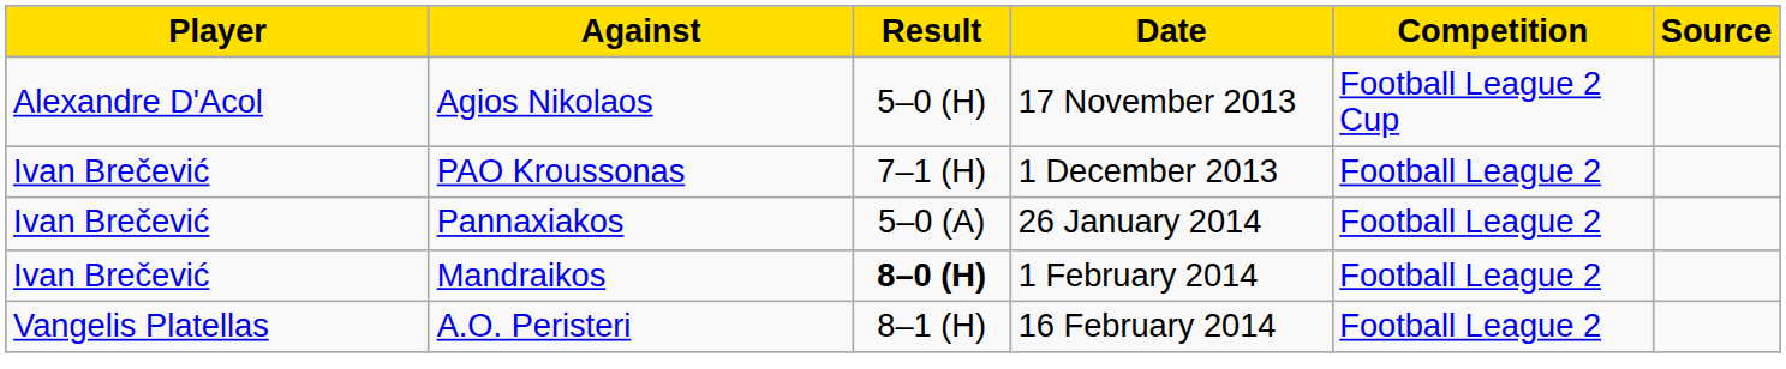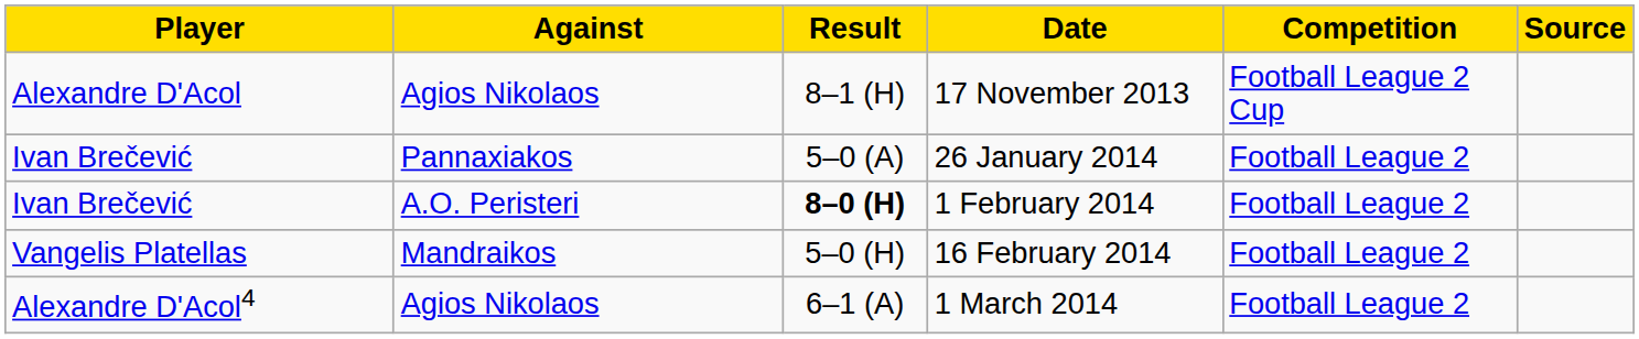 <table class="wikitable">
 <tr>
 <th width=200 style="background:#FFDE00">Player</th>
 <th width=200 style="background:#FFDE00">Against</th>
 <th width=70 style="background:#FFDE00">Result</th>
 <th width=150 style="background:#FFDE00">Date</th>
 <th width=150 style="background:#FFDE00">Competition</th>
 <th style="background:#FFDE00">Source</th>
 </tr>
 <tr>
 <td> <a href='#'>Alexandre D'Acol</a></td>
 <td> <a href='#'>Agios Nikolaos</a></td>
-<td align=center>5–0 (H)</td>
+<td align=center>8–1 (Η)</td>
 <td>17 November 2013</td>
 <td><a href='#'>Football League 2 Cup</a></td>
-<td align=center></td>
-</tr>
-<tr>
-<td> <a href='#'>Ivan Brečević</a></td>
-<td> <a href='#'>PAO Kroussonas</a></td>
-<td align=center>7–1 (H)</td>
-<td>1 December 2013</td>
-<td><a href='#'>Football League 2</a></td>
 <td align=center></td>
 </tr>
 <tr>
 <td> <a href='#'>Ivan Brečević</a></td>
 <td> <a href='#'>Pannaxiakos</a></td>
 <td align=center>5–0 (Α)</td>
 <td>26 January 2014</td>
 <td><a href='#'>Football League 2</a></td>
 <td align=center></td>
 </tr>
 <tr>
 <td> <a href='#'>Ivan Brečević</a></td>
-<td> <a href='#'>Mandraikos</a></td>
+<td> <a href='#'>A.O. Peristeri</a></td>
 <td align=center><strong>8–0 (Η)</strong></td>
 <td>1 February 2014</td>
 <td><a href='#'>Football League 2</a></td>
 <td align=center></td>
 </tr>
 <tr>
 <td> <a href='#'>Vangelis Platellas</a></td>
-<td> <a href='#'>A.O. Peristeri</a></td>
-<td align=center>8–1 (Η)</td>
+<td> <a href='#'>Mandraikos</a></td>
+<td align=center>5–0 (H)</td>
 <td>16 February 2014</td>
 <td><a href='#'>Football League 2</a></td>
 <td align=center></td>
 </tr>
+<tr>
+<td> <a href='#'>Alexandre D'Acol</a><sup>4</sup></td>
+<td> <a href='#'>Agios Nikolaos</a></td>
+<td align=center>6–1 (A)</td>
+<td>1 March 2014</td>
+<td><a href='#'>Football League 2</a></td>
+<td align=center></td>
+</tr>
 </table>
